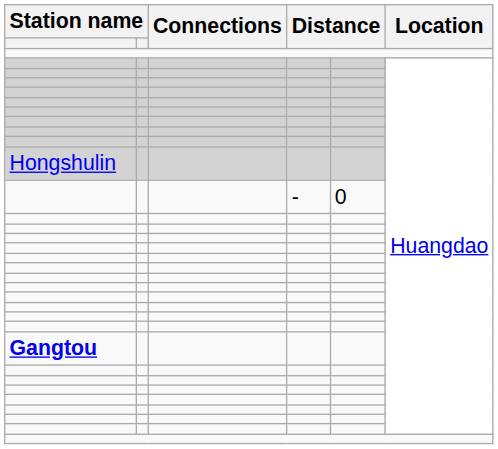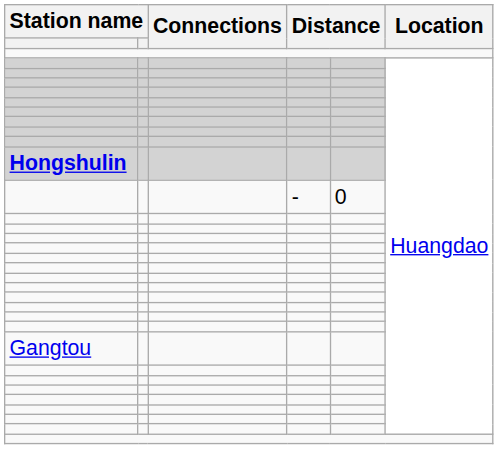 <table class="wikitable">
 <tr>
 <th colspan=2>Station name</th>
 <th rowspan=2>Connections</th>
 <th colspan="2" rowspan="2">Distance<br></th>
 <th rowspan=2>Location</th>
 </tr>
 <tr>
 <th></th>
 <th></th>
 </tr>
 <tr style="background:#">
 <td colspan = "6"></td>
 </tr>
 <tr bgcolor="lightgrey">
 <td></td>
 <td></td>
 <td></td>
 <td></td>
 <td></td>
 <td bgcolor="white" rowspan="31"><a href='#'>Huangdao</a></td>
 </tr>
 <tr bgcolor="lightgrey">
 <td></td>
 <td></td>
 <td></td>
 <td></td>
 <td></td>
 </tr>
 <tr bgcolor="lightgrey">
 <td></td>
 <td></td>
 <td></td>
 <td></td>
 <td></td>
 </tr>
 <tr bgcolor="lightgrey">
 <td></td>
 <td></td>
 <td></td>
 <td></td>
 <td></td>
 </tr>
 <tr bgcolor="lightgrey">
 <td></td>
 <td></td>
 <td></td>
 <td></td>
 <td></td>
 </tr>
 <tr bgcolor="lightgrey">
 <td></td>
 <td></td>
 <td></td>
 <td></td>
 <td></td>
 </tr>
 <tr bgcolor="lightgrey">
 <td></td>
 <td></td>
 <td></td>
 <td></td>
 <td></td>
 </tr>
 <tr bgcolor="lightgrey">
 <td></td>
 <td></td>
 <td></td>
 <td></td>
 <td></td>
 </tr>
 <tr bgcolor="lightgrey">
 <td></td>
 <td></td>
 <td></td>
 <td></td>
 <td></td>
 </tr>
 <tr bgcolor="lightgrey">
-<td><a href='#'>Hongshulin</a></td>
+<td><strong><a href='#'>Hongshulin</a></strong></td>
 <td></td>
 <td></td>
 <td></td>
 <td></td>
 </tr>
 <tr>
 <td></td>
 <td></td>
 <td></td>
 <td>-</td>
 <td>0</td>
 </tr>
 <tr>
 <td></td>
 <td></td>
 <td></td>
 <td></td>
 <td></td>
 </tr>
 <tr>
 <td></td>
 <td></td>
 <td></td>
 <td></td>
 <td></td>
 </tr>
 <tr>
 <td></td>
 <td></td>
 <td></td>
 <td></td>
 <td></td>
 </tr>
 <tr>
 <td></td>
 <td></td>
 <td></td>
 <td></td>
 <td></td>
 </tr>
 <tr>
 <td></td>
 <td></td>
 <td></td>
 <td></td>
 <td></td>
 </tr>
 <tr>
 <td></td>
 <td></td>
 <td></td>
 <td></td>
 <td></td>
 </tr>
 <tr>
 <td></td>
 <td></td>
 <td></td>
 <td></td>
 <td></td>
 </tr>
 <tr>
 <td></td>
 <td></td>
 <td></td>
 <td></td>
 <td></td>
 </tr>
 <tr>
 <td></td>
 <td></td>
 <td></td>
 <td></td>
 <td></td>
 </tr>
 <tr>
 <td></td>
 <td></td>
 <td></td>
 <td></td>
 <td></td>
 </tr>
 <tr>
 <td></td>
 <td></td>
 <td></td>
 <td></td>
 <td></td>
 </tr>
 <tr>
 <td></td>
 <td></td>
 <td></td>
 <td></td>
 <td></td>
 </tr>
 <tr>
-<td><strong><a href='#'>Gangtou</a></strong></td>
+<td><a href='#'>Gangtou</a></td>
 <td></td>
 <td></td>
 <td></td>
 <td></td>
 </tr>
 <tr>
 <td></td>
 <td></td>
 <td></td>
 <td></td>
 <td></td>
 </tr>
 <tr>
 <td></td>
 <td></td>
 <td></td>
 <td></td>
 <td></td>
 </tr>
 <tr>
 <td></td>
 <td></td>
 <td></td>
 <td></td>
 <td></td>
 </tr>
 <tr>
 <td></td>
 <td></td>
 <td></td>
 <td></td>
 <td></td>
 </tr>
 <tr>
 <td></td>
 <td></td>
 <td></td>
 <td></td>
 <td></td>
 </tr>
 <tr>
 <td></td>
 <td></td>
 <td></td>
 <td></td>
 <td></td>
 </tr>
 <tr>
 <td></td>
 <td></td>
 <td></td>
 <td></td>
 <td></td>
 </tr>
 <tr style="background:#">
 <td colspan = "6"></td>
 </tr>
 </table>
